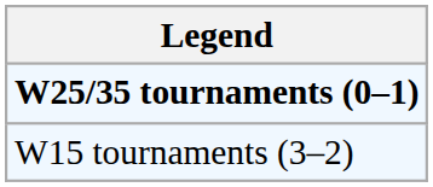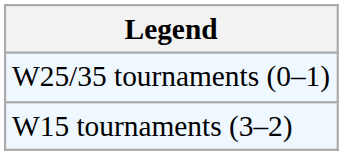 <table class="wikitable" style="font-size:85%;">
 <tr>
 <th>Legend</th>
 </tr>
 <tr style="background:#f0f8ff;">
-<td><strong>W25/35 tournaments (0–1)</strong></td>
+<td>W25/35 tournaments (0–1)</td>
 </tr>
 <tr style="background:#f0f8ff;">
 <td>W15 tournaments (3–2)</td>
 </tr>
 </table>
